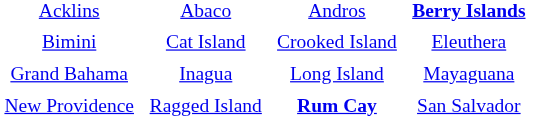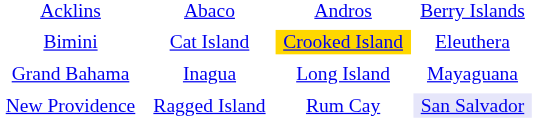 <table class=toccolours style="width: 50%; margin-bottom: 0.5em;">
 <tr>
 <td colspan="9" style="background-color:"></td>
 </tr>
 <tr align="center">
 <td></td>
 <td></td>
 <td></td>
 <td></td>
 </tr>
 <tr align="center">
 <td><a href='#'>Acklins</a></td>
 <td><a href='#'>Abaco</a></td>
 <td><a href='#'>Andros</a></td>
-<td><strong><a href='#'>Berry Islands</a></strong></td>
+<td><a href='#'>Berry Islands</a></td>
 </tr>
 <tr align="center">
 <td></td>
 <td></td>
 <td></td>
 <td></td>
 </tr>
 <tr align="center">
 <td><a href='#'>Bimini</a></td>
 <td><a href='#'>Cat Island</a></td>
-<td><a href='#'>Crooked Island</a></td>
+<td style="background: gold;"><a href='#'>Crooked Island</a></td>
 <td><a href='#'>Eleuthera</a></td>
 </tr>
 <tr align="center">
 <td></td>
 <td></td>
 <td></td>
 <td></td>
 </tr>
 <tr align="center">
 <td><a href='#'>Grand Bahama</a></td>
 <td><a href='#'>Inagua</a></td>
 <td><a href='#'>Long Island</a></td>
 <td><a href='#'>Mayaguana</a></td>
 </tr>
 <tr align="center">
 <td></td>
 <td></td>
 <td></td>
 <td></td>
 </tr>
 <tr align="center">
 <td><a href='#'>New Providence</a></td>
 <td><a href='#'>Ragged Island</a></td>
-<td><strong><a href='#'>Rum Cay</a></strong></td>
-<td><a href='#'>San Salvador</a></td>
+<td><a href='#'>Rum Cay</a></td>
+<td style="background: lavender;"><a href='#'>San Salvador</a></td>
 </tr>
 </table>
